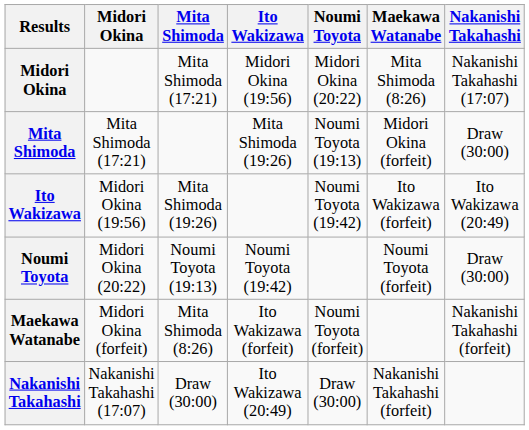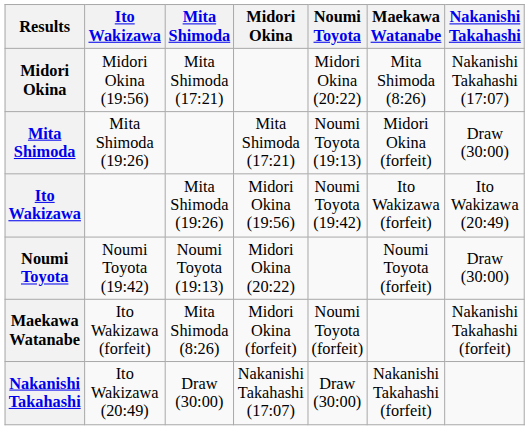 <table class="wikitable" style="text-align:center; margin: 1em auto 1em auto">
 <tr>
 <th>Results</th>
+<th><a href='#'>Ito</a><br><a href='#'>Wakizawa</a></th>
+<th><a href='#'>Mita</a><br><a href='#'>Shimoda</a></th>
 <th>Midori<br>Okina</th>
-<th><a href='#'>Mita</a><br><a href='#'>Shimoda</a></th>
-<th><a href='#'>Ito</a><br><a href='#'>Wakizawa</a></th>
 <th>Noumi<br><a href='#'>Toyota</a></th>
 <th>Maekawa<br><a href='#'>Watanabe</a></th>
 <th><a href='#'>Nakanishi</a><br><a href='#'>Takahashi</a></th>
 </tr>
 <tr>
 <th>Midori<br>Okina</th>
+<td>Midori<br>Okina<br>(19:56)</td>
+<td>Mita<br>Shimoda<br>(17:21)</td>
 <td></td>
-<td>Mita<br>Shimoda<br>(17:21)</td>
-<td>Midori<br>Okina<br>(19:56)</td>
 <td>Midori<br>Okina<br>(20:22)</td>
 <td>Mita<br>Shimoda<br>(8:26)</td>
 <td>Nakanishi<br>Takahashi<br>(17:07)</td>
 </tr>
 <tr>
 <th><a href='#'>Mita</a><br><a href='#'>Shimoda</a></th>
+<td>Mita<br>Shimoda<br>(19:26)</td>
+<td></td>
 <td>Mita<br>Shimoda<br>(17:21)</td>
-<td></td>
-<td>Mita<br>Shimoda<br>(19:26)</td>
 <td>Noumi<br>Toyota<br>(19:13)</td>
 <td>Midori<br>Okina<br>(forfeit)</td>
 <td>Draw<br>(30:00)</td>
 </tr>
 <tr>
 <th><a href='#'>Ito</a><br><a href='#'>Wakizawa</a></th>
+<td></td>
+<td>Mita<br>Shimoda<br>(19:26)</td>
 <td>Midori<br>Okina<br>(19:56)</td>
-<td>Mita<br>Shimoda<br>(19:26)</td>
-<td></td>
 <td>Noumi<br>Toyota<br>(19:42)</td>
 <td>Ito<br>Wakizawa<br>(forfeit)</td>
 <td>Ito<br>Wakizawa<br>(20:49)</td>
 </tr>
 <tr>
 <th>Noumi<br><a href='#'>Toyota</a></th>
+<td>Noumi<br>Toyota<br>(19:42)</td>
+<td>Noumi<br>Toyota<br>(19:13)</td>
 <td>Midori<br>Okina<br>(20:22)</td>
-<td>Noumi<br>Toyota<br>(19:13)</td>
-<td>Noumi<br>Toyota<br>(19:42)</td>
 <td></td>
 <td>Noumi<br>Toyota<br>(forfeit)</td>
 <td>Draw<br>(30:00)</td>
 </tr>
 <tr>
 <th>Maekawa<br>Watanabe</th>
+<td>Ito<br>Wakizawa<br>(forfeit)</td>
+<td>Mita<br>Shimoda<br>(8:26)</td>
 <td>Midori<br>Okina<br>(forfeit)</td>
-<td>Mita<br>Shimoda<br>(8:26)</td>
-<td>Ito<br>Wakizawa<br>(forfeit)</td>
 <td>Noumi<br>Toyota<br>(forfeit)</td>
 <td></td>
 <td>Nakanishi<br>Takahashi<br>(forfeit)</td>
 </tr>
 <tr>
 <th><a href='#'>Nakanishi</a><br><a href='#'>Takahashi</a></th>
+<td>Ito<br>Wakizawa<br>(20:49)</td>
+<td>Draw<br>(30:00)</td>
 <td>Nakanishi<br>Takahashi<br>(17:07)</td>
-<td>Draw<br>(30:00)</td>
-<td>Ito<br>Wakizawa<br>(20:49)</td>
 <td>Draw<br>(30:00)</td>
 <td>Nakanishi<br>Takahashi<br>(forfeit)</td>
 <td></td>
 </tr>
 </table>
